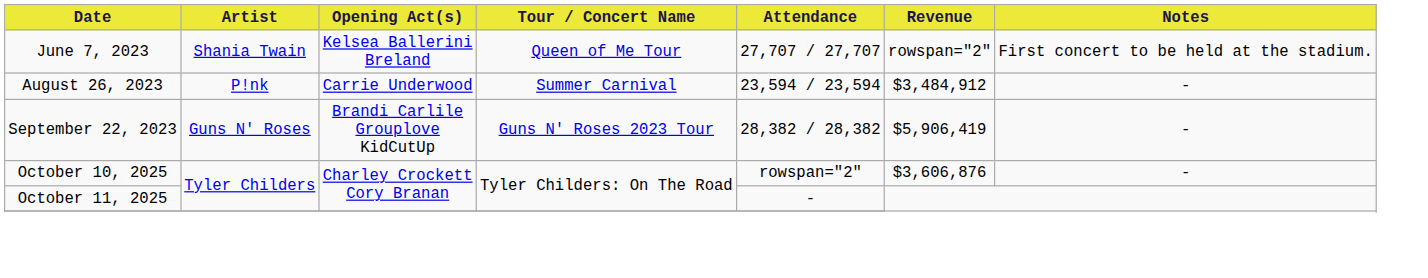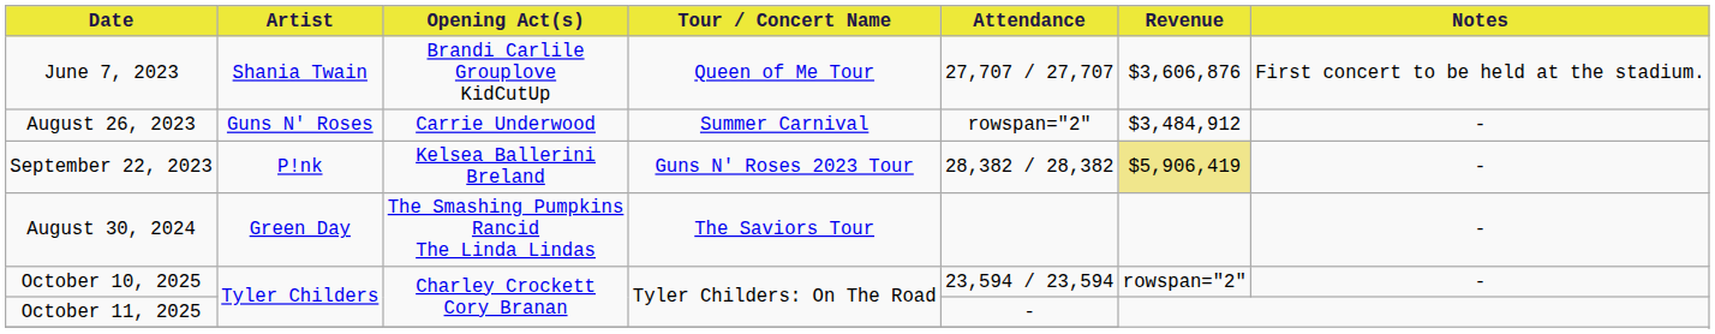 <table class="wikitable" style="text-align:center">
 <tr>
 <th style="text-align:center;  background:#EDE939; color:#201547; ">Date</th>
 <th style="text-align:center;  background:#EDE939; color:#201547; ">Artist</th>
 <th style="text-align:center; background:#EDE939; color:#201547; ">Opening Act(s)</th>
 <th style="text-align:center;  background:#EDE939; color:#201547; ">Tour / Concert Name</th>
 <th style="text-align:center;  background:#EDE939; color:#201547; ">Attendance</th>
 <th style="text-align:center;  background:#EDE939; color:#201547; ">Revenue</th>
 <th style="text-align:center; background:#EDE939; color:#201547; ">Notes</th>
 </tr>
 <tr>
 <td>June 7, 2023</td>
 <td><a href='#'>Shania Twain</a></td>
-<td><a href='#'>Kelsea Ballerini</a><br><a href='#'>Breland</a></td>
+<td><a href='#'>Brandi Carlile</a><br><a href='#'>Grouplove</a><br>KidCutUp</td>
 <td><a href='#'>Queen of Me Tour</a></td>
 <td>27,707 / 27,707</td>
-<td>rowspan="2"</td>
+<td>$3,606,876</td>
 <td>First concert to be held at the stadium.</td>
 </tr>
 <tr>
 <td>August 26, 2023</td>
-<td><a href='#'>P!nk</a></td>
+<td><a href='#'>Guns N' Roses</a></td>
 <td><a href='#'>Carrie Underwood</a></td>
 <td><a href='#'>Summer Carnival</a></td>
-<td>23,594 / 23,594</td>
+<td>rowspan="2"</td>
 <td>$3,484,912</td>
 <td>-</td>
 </tr>
 <tr>
 <td>September 22, 2023</td>
-<td><a href='#'>Guns N' Roses</a></td>
-<td><a href='#'>Brandi Carlile</a><br><a href='#'>Grouplove</a><br>KidCutUp</td>
+<td><a href='#'>P!nk</a></td>
+<td><a href='#'>Kelsea Ballerini</a><br><a href='#'>Breland</a></td>
 <td><a href='#'>Guns N' Roses 2023 Tour</a></td>
 <td>28,382 / 28,382</td>
-<td>$5,906,419</td>
+<td style="background: khaki;">$5,906,419</td>
+<td>-</td>
+</tr>
+<tr>
+<td>August 30, 2024</td>
+<td><a href='#'>Green Day</a></td>
+<td><a href='#'>The Smashing Pumpkins</a><br><a href='#'>Rancid</a><br><a href='#'>The Linda Lindas</a></td>
+<td><a href='#'>The Saviors Tour</a></td>
+<td></td>
+<td></td>
 <td>-</td>
 </tr>
 <tr>
 <td>October 10, 2025</td>
 <td rowspan="2"><a href='#'>Tyler Childers</a></td>
 <td rowspan="2"><a href='#'>Charley Crockett</a><br><a href='#'>Cory Branan</a></td>
 <td rowspan="2">Tyler Childers: On The Road</td>
+<td>23,594 / 23,594</td>
 <td>rowspan="2"</td>
-<td>$3,606,876</td>
 <td>-</td>
 </tr>
 <tr>
 <td>October 11, 2025</td>
 <td>-</td>
 </tr>
 <tr>
 </tr>
 </table>
